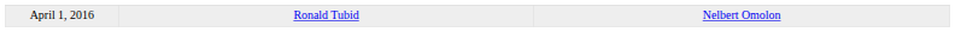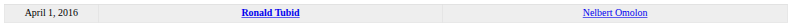 <table border=1 style="border-collapse:collapse; text-align: center; width: 100%" bordercolor="#DFDFDF"  cellpadding="5">
 <tr>
 </tr>
 <tr bgcolor="eeeeee">
 <td>April 1, 2016 <br></td>
-<td style="width:44%" valign="top"><a href='#'>Ronald Tubid</a></td>
+<td style="width:44%" valign="top"><strong><a href='#'>Ronald Tubid</a></strong></td>
 <td style="width:44%" valign="top"><a href='#'>Nelbert Omolon</a></td>
 </tr>
 </table>
